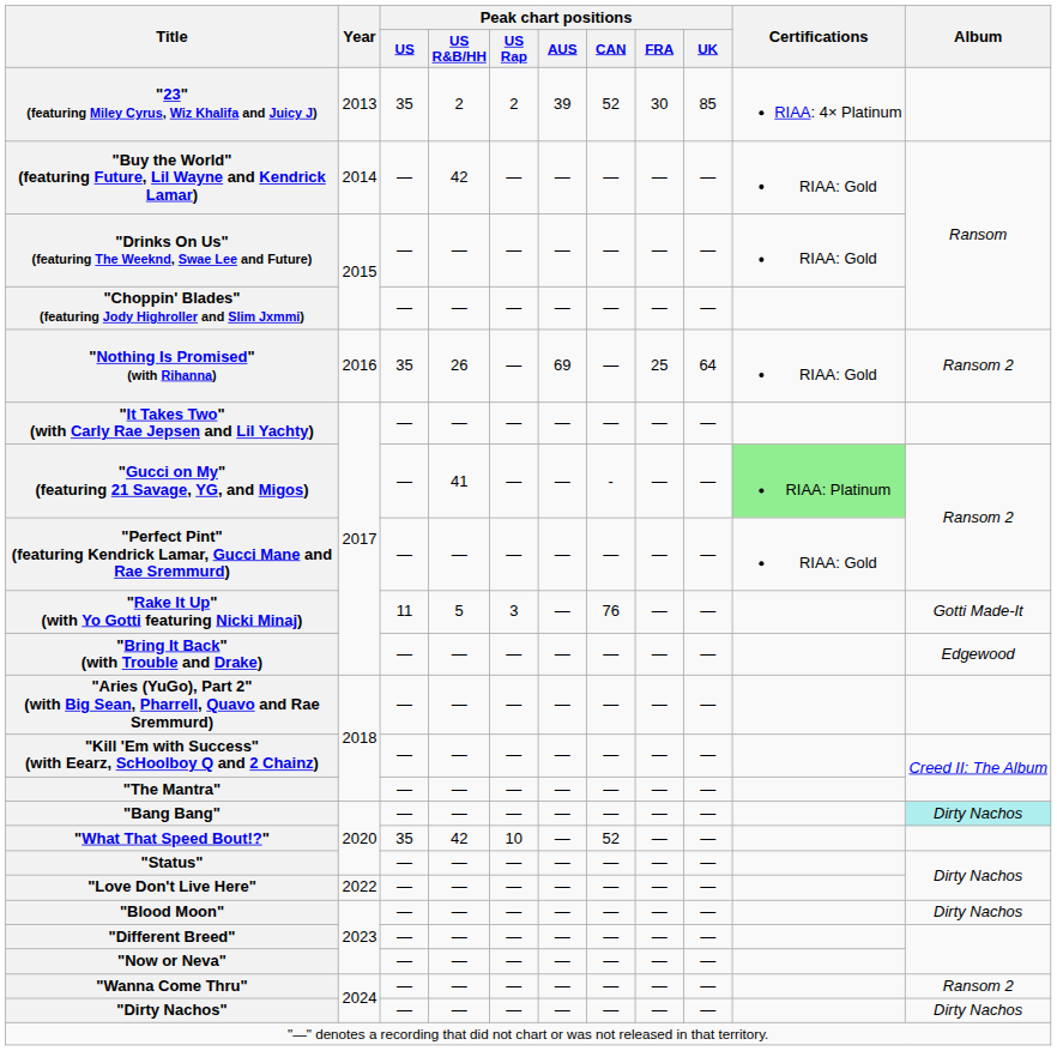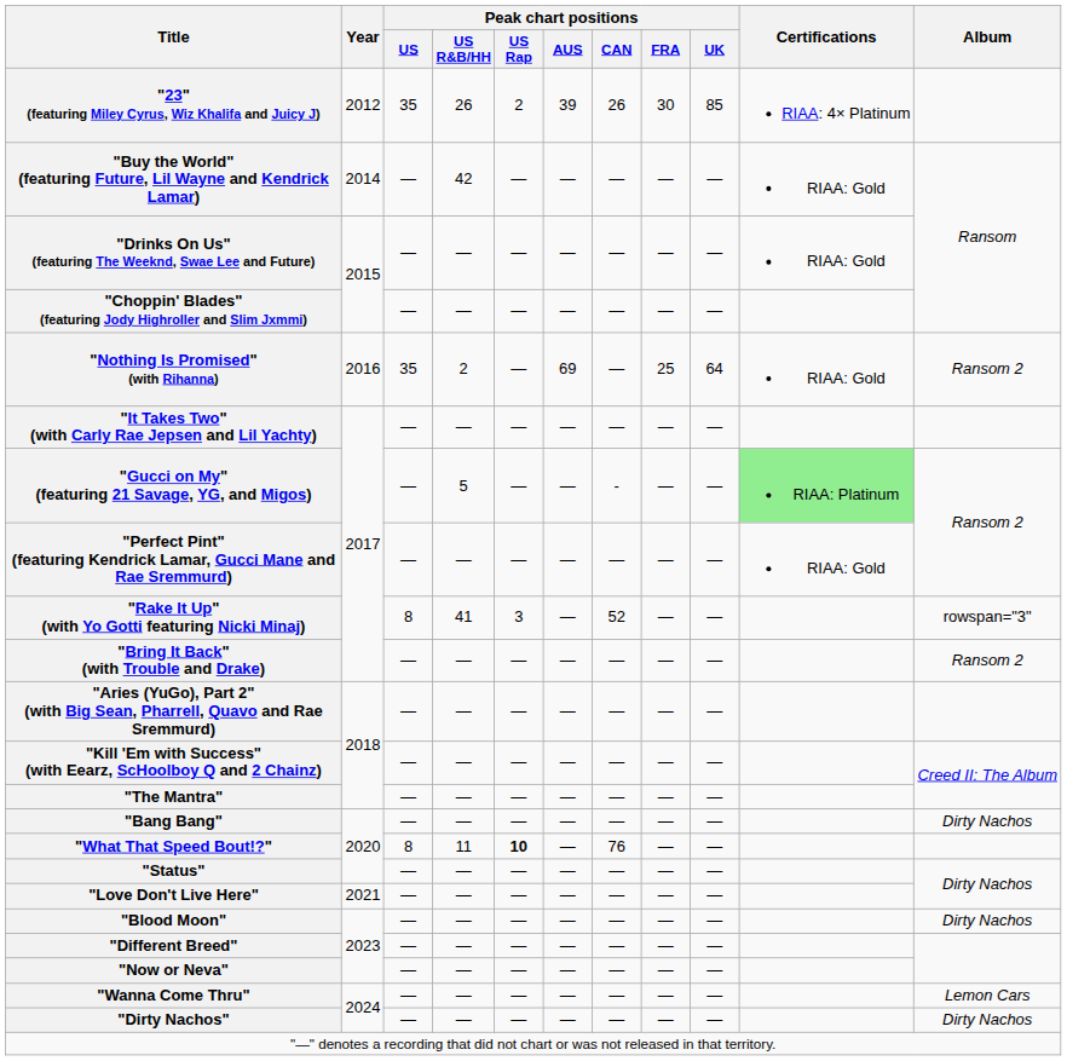 <table class="wikitable plainrowheaders" style="text-align:center;">
 <tr>
 <th scope="col" rowspan="2" style="width:21em;">Title</th>
 <th scope="col" rowspan="2">Year</th>
 <th scope="col" colspan="7">Peak chart positions</th>
 <th scope="col" rowspan="2">Certifications</th>
 <th scope="col" rowspan="2">Album</th>
 </tr>
 <tr>
 <th scope="col" style="width:3em;font-size:90%;"><a href='#'>US</a><br></th>
 <th scope="col" style="width:3em;font-size:90%;"><a href='#'>US<br>R&B/HH</a><br></th>
 <th scope="col" style="width:3em;font-size:90%;"><a href='#'>US Rap</a><br></th>
 <th scope="col" style="width:3em;font-size:90%;"><a href='#'>AUS</a><br></th>
 <th scope="col" style="width:3em;font-size:90%;"><a href='#'>CAN</a><br></th>
 <th scope="col" style="width:3em;font-size:90%;"><a href='#'>FRA</a><br></th>
 <th scope="col" style="width:3em;font-size:90%;"><a href='#'>UK</a><br></th>
 </tr>
 <tr>
 <th scope="row">"<a href='#'>23</a>"<br><small>(featuring <a href='#'>Miley Cyrus</a>, <a href='#'>Wiz Khalifa</a> and <a href='#'>Juicy J</a>)</small></th>
-<td>2013</td>
+<td>2012</td>
 <td>35</td>
-<td>2</td>
+<td>26</td>
 <td>2</td>
 <td>39</td>
-<td>52</td>
+<td>26</td>
 <td>30</td>
 <td>85</td>
 <td><br><ul><li><a href='#'>RIAA</a>: 4× Platinum</li></ul></td>
 <td></td>
 </tr>
 <tr>
 <th scope="row">"Buy the World"<br><span>(featuring <a href='#'>Future</a>, <a href='#'>Lil Wayne</a> and <a href='#'>Kendrick Lamar</a>)</span></th>
 <td>2014</td>
 <td>—</td>
 <td>42</td>
 <td>—</td>
 <td>—</td>
 <td>—</td>
 <td>—</td>
 <td>—</td>
 <td><br><ul><li>RIAA: Gold</li></ul></td>
 <td rowspan="3"><em>Ransom</em></td>
 </tr>
 <tr>
 <th scope="row">"Drinks On Us"<br><small>(featuring <a href='#'>The Weeknd</a>, <a href='#'>Swae Lee</a> and Future)</small></th>
 <td rowspan="2">2015</td>
 <td>—</td>
 <td>—</td>
 <td>—</td>
 <td>—</td>
 <td>—</td>
 <td>—</td>
 <td>—</td>
 <td><br><ul><li>RIAA: Gold</li></ul></td>
 </tr>
 <tr>
 <th scope="row">"Choppin' Blades"<br><small>(featuring <a href='#'>Jody Highroller</a> and <a href='#'>Slim Jxmmi</a>)</small></th>
 <td>—</td>
 <td>—</td>
 <td>—</td>
 <td>—</td>
 <td>—</td>
 <td>—</td>
 <td>—</td>
 <td></td>
 </tr>
 <tr>
 <th scope="row">"<a href='#'>Nothing Is Promised</a>"<br><small>(with <a href='#'>Rihanna</a>)</small></th>
 <td>2016</td>
 <td>35</td>
-<td>26</td>
+<td>2</td>
 <td>—</td>
 <td>69</td>
 <td>—</td>
 <td>25</td>
 <td>64</td>
 <td><br><ul><li>RIAA: Gold</li></ul></td>
 <td><em>Ransom 2</em></td>
 </tr>
 <tr>
 <th scope="row">"<a href='#'>It Takes Two</a>"<br><span>(with <a href='#'>Carly Rae Jepsen</a> and <a href='#'>Lil Yachty</a>)</span></th>
 <td rowspan="5">2017</td>
 <td>—</td>
 <td>—</td>
 <td>—</td>
 <td>—</td>
 <td>—</td>
 <td>—</td>
 <td>—</td>
 <td></td>
 <td></td>
 </tr>
 <tr>
 <th scope="row">"<a href='#'>Gucci on My</a>"<br><span>(featuring <a href='#'>21 Savage</a>, <a href='#'>YG</a>, and <a href='#'>Migos</a>)</span></th>
 <td>—</td>
-<td>41</td>
+<td>5</td>
 <td>—</td>
 <td>—</td>
 <td>-</td>
 <td>—</td>
 <td>—</td>
 <td style="background: lightgreen;"><br><ul><li>RIAA: Platinum</li></ul></td>
 <td rowspan="2"><em>Ransom 2</em></td>
 </tr>
 <tr>
 <th scope="row">"Perfect Pint"<br><span>(featuring Kendrick Lamar, <a href='#'>Gucci Mane</a> and <a href='#'>Rae Sremmurd</a>)</span></th>
 <td>—</td>
 <td>—</td>
 <td>—</td>
 <td>—</td>
 <td>—</td>
 <td>—</td>
 <td>—</td>
 <td><br><ul><li>RIAA: Gold</li></ul></td>
 </tr>
 <tr>
 <th scope="row">"<a href='#'>Rake It Up</a>"<br><span>(with <a href='#'>Yo Gotti</a> featuring <a href='#'>Nicki Minaj</a>)</span></th>
-<td>11</td>
-<td>5</td>
+<td>8</td>
+<td>41</td>
 <td>3</td>
 <td>—</td>
-<td>76</td>
+<td>52</td>
 <td>—</td>
 <td>—</td>
 <td></td>
-<td><em>Gotti Made-It</em></td>
+<td>rowspan="3" </td>
 </tr>
 <tr>
 <th scope="row">"<a href='#'>Bring It Back</a>"<br><span>(with <a href='#'>Trouble</a> and <a href='#'>Drake</a>)</span></th>
 <td>—</td>
 <td>—</td>
 <td>—</td>
 <td>—</td>
 <td>—</td>
 <td>—</td>
 <td>—</td>
 <td></td>
-<td><em>Edgewood</em></td>
+<td><em>Ransom 2</em></td>
 </tr>
 <tr>
 <th scope="row">"Aries (YuGo), Part 2"<br><span>(with <a href='#'>Big Sean</a>, <a href='#'>Pharrell</a>, <a href='#'>Quavo</a> and Rae Sremmurd)</span></th>
 <td rowspan="3">2018</td>
 <td>—</td>
 <td>—</td>
 <td>—</td>
 <td>—</td>
 <td>—</td>
 <td>—</td>
 <td>—</td>
 <td></td>
 <td></td>
 </tr>
 <tr>
 <th scope="row">"Kill 'Em with Success"<br><span>(with Eearz, <a href='#'>ScHoolboy Q</a> and <a href='#'>2 Chainz</a>)</span></th>
 <td>—</td>
 <td>—</td>
 <td>—</td>
 <td>—</td>
 <td>—</td>
 <td>—</td>
 <td>—</td>
 <td></td>
 <td rowspan="2"><em><a href='#'>Creed II: The Album</a></em></td>
 </tr>
 <tr>
 <th scope="row">"The Mantra"<br></th>
 <td>—</td>
 <td>—</td>
 <td>—</td>
 <td>—</td>
 <td>—</td>
 <td>—</td>
 <td>—</td>
 <td></td>
 </tr>
 <tr>
 <th scope="row">"Bang Bang"<br></th>
 <td rowspan="3">2020</td>
 <td>—</td>
 <td>—</td>
 <td>—</td>
 <td>—</td>
 <td>—</td>
 <td>—</td>
 <td>—</td>
 <td></td>
-<td style="background: paleturquoise;"><em>Dirty Nachos</em></td>
+<td><em>Dirty Nachos</em></td>
 </tr>
 <tr>
 <th scope="row">"<a href='#'>What That Speed Bout!?</a>"<br></th>
-<td>35</td>
-<td>42</td>
-<td>10</td>
+<td>8</td>
+<td>11</td>
+<td><strong>10</strong></td>
 <td>—</td>
-<td>52</td>
+<td>76</td>
 <td>—</td>
 <td>—</td>
 <td></td>
 <td></td>
 </tr>
 <tr>
 <th scope="row">"Status"<br></th>
 <td>—</td>
 <td>—</td>
 <td>—</td>
 <td>—</td>
 <td>—</td>
 <td>—</td>
 <td>—</td>
 <td></td>
 <td rowspan="2"><em>Dirty Nachos</em></td>
 </tr>
 <tr>
 <th scope="row">"Love Don't Live Here"<br></th>
-<td>2022</td>
+<td>2021</td>
 <td>—</td>
 <td>—</td>
 <td>—</td>
 <td>—</td>
 <td>—</td>
 <td>—</td>
 <td>—</td>
 <td></td>
 </tr>
 <tr>
 <th scope="row">"Blood Moon"<br></th>
 <td rowspan="3">2023</td>
 <td>—</td>
 <td>—</td>
 <td>—</td>
 <td>—</td>
 <td>—</td>
 <td>—</td>
 <td>—</td>
 <td></td>
 <td><em>Dirty Nachos</em></td>
 </tr>
 <tr>
 <th scope="row">"Different Breed"<br></th>
 <td>—</td>
 <td>—</td>
 <td>—</td>
 <td>—</td>
 <td>—</td>
 <td>—</td>
 <td>—</td>
 <td></td>
 </tr>
 <tr>
 <th scope="row">"Now or Neva"<br></th>
 <td>—</td>
 <td>—</td>
 <td>—</td>
 <td>—</td>
 <td>—</td>
 <td>—</td>
 <td>—</td>
 <td></td>
 </tr>
 <tr>
 <th scope="row">"Wanna Come Thru"<br></th>
 <td rowspan="2">2024</td>
 <td>—</td>
 <td>—</td>
 <td>—</td>
 <td>—</td>
 <td>—</td>
 <td>—</td>
 <td>—</td>
 <td></td>
-<td><em>Ransom 2</em></td>
+<td><em>Lemon Cars</em></td>
 </tr>
 <tr>
 <th scope="row">"Dirty Nachos"<br></th>
 <td>—</td>
 <td>—</td>
 <td>—</td>
 <td>—</td>
 <td>—</td>
 <td>—</td>
 <td>—</td>
 <td></td>
 <td><em>Dirty Nachos</em></td>
 </tr>
 <tr>
 <td colspan="14" style="font-size:90%">"—" denotes a recording that did not chart or was not released in that territory.</td>
 </tr>
 </table>
